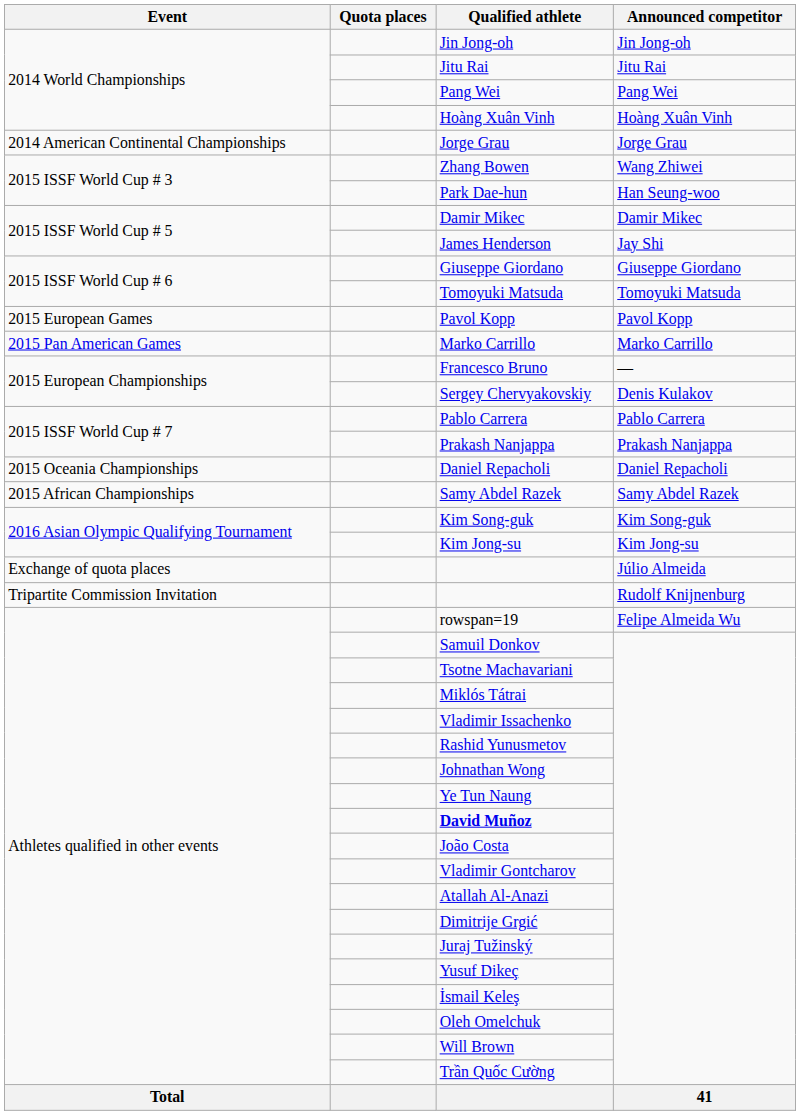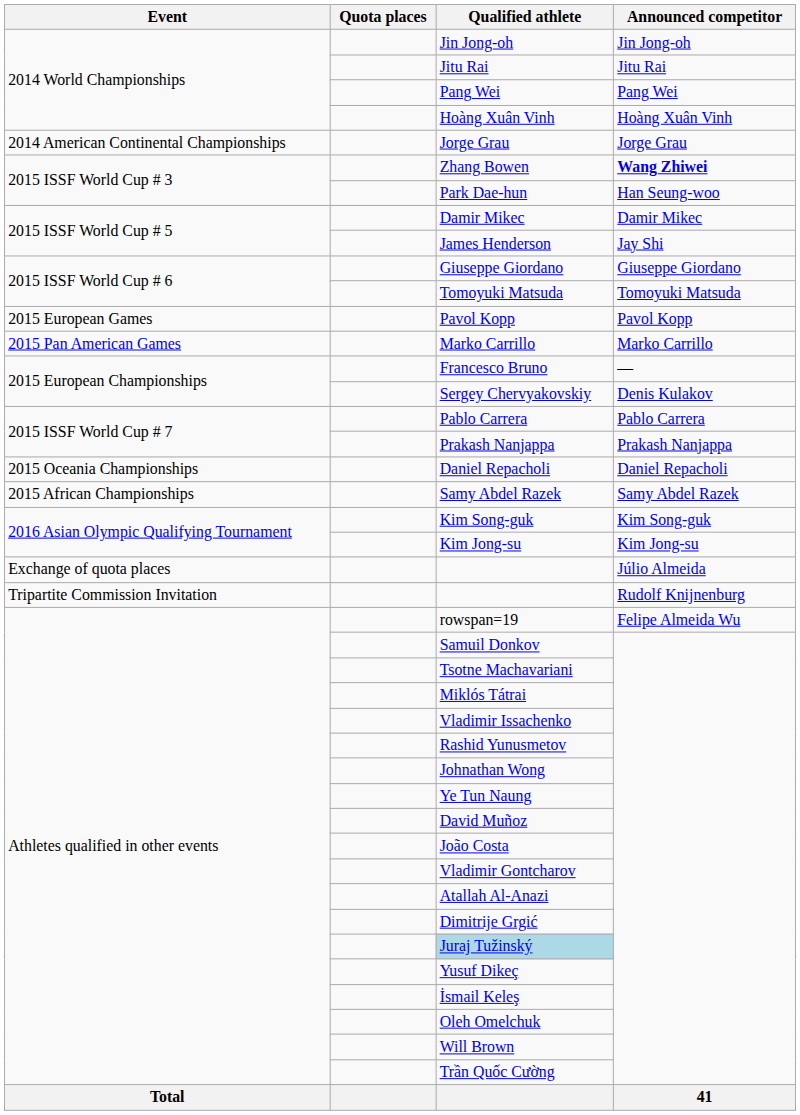 <table class=wikitable style="text-align:left" width=800>
 <tr>
 <th>Event</th>
 <th>Quota places</th>
 <th>Qualified athlete</th>
 <th>Announced competitor</th>
 </tr>
 <tr>
 <td rowspan="4">2014 World Championships</td>
 <td></td>
 <td><a href='#'>Jin Jong-oh</a></td>
 <td><a href='#'>Jin Jong-oh</a></td>
 </tr>
 <tr>
 <td></td>
 <td><a href='#'>Jitu Rai</a></td>
 <td><a href='#'>Jitu Rai</a></td>
 </tr>
 <tr>
 <td></td>
 <td><a href='#'>Pang Wei</a></td>
 <td><a href='#'>Pang Wei</a></td>
 </tr>
 <tr>
 <td></td>
 <td><a href='#'>Hoàng Xuân Vinh</a></td>
 <td><a href='#'>Hoàng Xuân Vinh</a></td>
 </tr>
 <tr>
 <td>2014 American Continental Championships</td>
 <td></td>
 <td><a href='#'>Jorge Grau</a></td>
 <td><a href='#'>Jorge Grau</a></td>
 </tr>
 <tr>
 <td rowspan="2">2015 ISSF World Cup # 3</td>
 <td></td>
 <td><a href='#'>Zhang Bowen</a></td>
-<td><a href='#'>Wang Zhiwei</a></td>
+<td><strong><a href='#'>Wang Zhiwei</a></strong></td>
 </tr>
 <tr>
 <td></td>
 <td><a href='#'>Park Dae-hun</a></td>
 <td><a href='#'>Han Seung-woo</a></td>
 </tr>
 <tr>
 <td rowspan="2">2015 ISSF World Cup # 5</td>
 <td></td>
 <td><a href='#'>Damir Mikec</a></td>
 <td><a href='#'>Damir Mikec</a></td>
 </tr>
 <tr>
 <td></td>
 <td><a href='#'>James Henderson</a></td>
 <td><a href='#'>Jay Shi</a></td>
 </tr>
 <tr>
 <td rowspan="2">2015 ISSF World Cup # 6</td>
 <td></td>
 <td><a href='#'>Giuseppe Giordano</a></td>
 <td><a href='#'>Giuseppe Giordano</a></td>
 </tr>
 <tr>
 <td></td>
 <td><a href='#'>Tomoyuki Matsuda</a></td>
 <td><a href='#'>Tomoyuki Matsuda</a></td>
 </tr>
 <tr>
 <td rowspan="1">2015 European Games</td>
 <td></td>
 <td><a href='#'>Pavol Kopp</a></td>
 <td><a href='#'>Pavol Kopp</a></td>
 </tr>
 <tr>
 <td rowspan="1"><a href='#'>2015 Pan American Games</a></td>
 <td></td>
 <td><a href='#'>Marko Carrillo</a></td>
 <td><a href='#'>Marko Carrillo</a></td>
 </tr>
 <tr>
 <td rowspan="2">2015 European Championships</td>
 <td></td>
 <td><a href='#'>Francesco Bruno</a></td>
 <td>—</td>
 </tr>
 <tr>
 <td></td>
 <td><a href='#'>Sergey Chervyakovskiy</a></td>
 <td><a href='#'>Denis Kulakov</a></td>
 </tr>
 <tr>
 <td rowspan="2">2015 ISSF World Cup # 7</td>
 <td></td>
 <td><a href='#'>Pablo Carrera</a></td>
 <td><a href='#'>Pablo Carrera</a></td>
 </tr>
 <tr>
 <td></td>
 <td><a href='#'>Prakash Nanjappa</a></td>
 <td><a href='#'>Prakash Nanjappa</a></td>
 </tr>
 <tr>
 <td rowspan="1">2015 Oceania Championships</td>
 <td></td>
 <td><a href='#'>Daniel Repacholi</a></td>
 <td><a href='#'>Daniel Repacholi</a></td>
 </tr>
 <tr>
 <td rowspan="1">2015 African Championships</td>
 <td></td>
 <td><a href='#'>Samy Abdel Razek</a></td>
 <td><a href='#'>Samy Abdel Razek</a></td>
 </tr>
 <tr>
 <td rowspan="2"><a href='#'>2016 Asian Olympic Qualifying Tournament</a></td>
 <td></td>
 <td><a href='#'>Kim Song-guk</a></td>
 <td><a href='#'>Kim Song-guk</a></td>
 </tr>
 <tr>
 <td></td>
 <td><a href='#'>Kim Jong-su</a></td>
 <td><a href='#'>Kim Jong-su</a></td>
 </tr>
 <tr>
 <td>Exchange of quota places</td>
 <td></td>
 <td></td>
 <td><a href='#'>Júlio Almeida</a></td>
 </tr>
 <tr>
 <td>Tripartite Commission Invitation</td>
 <td></td>
 <td></td>
 <td><a href='#'>Rudolf Knijnenburg</a></td>
 </tr>
 <tr>
 <td rowspan=19>Athletes qualified in other events</td>
 <td></td>
 <td>rowspan=19 </td>
 <td><a href='#'>Felipe Almeida Wu</a></td>
 </tr>
 <tr>
 <td></td>
 <td><a href='#'>Samuil Donkov</a></td>
 </tr>
 <tr>
 <td></td>
 <td><a href='#'>Tsotne Machavariani</a></td>
 </tr>
 <tr>
 <td></td>
 <td><a href='#'>Miklós Tátrai</a></td>
 </tr>
 <tr>
 <td></td>
 <td><a href='#'>Vladimir Issachenko</a></td>
 </tr>
 <tr>
 <td></td>
 <td><a href='#'>Rashid Yunusmetov</a></td>
 </tr>
 <tr>
 <td></td>
 <td><a href='#'>Johnathan Wong</a></td>
 </tr>
 <tr>
 <td></td>
 <td><a href='#'>Ye Tun Naung</a></td>
 </tr>
 <tr>
 <td></td>
-<td><strong><a href='#'>David Muñoz</a></strong></td>
+<td><a href='#'>David Muñoz</a></td>
 </tr>
 <tr>
 <td></td>
 <td><a href='#'>João Costa</a></td>
 </tr>
 <tr>
 <td></td>
 <td><a href='#'>Vladimir Gontcharov</a></td>
 </tr>
 <tr>
 <td></td>
 <td><a href='#'>Atallah Al-Anazi</a></td>
 </tr>
 <tr>
 <td></td>
 <td><a href='#'>Dimitrije Grgić</a></td>
 </tr>
 <tr>
 <td></td>
-<td><a href='#'>Juraj Tužinský</a></td>
+<td style="background: lightblue;"><a href='#'>Juraj Tužinský</a></td>
 </tr>
 <tr>
 <td></td>
 <td><a href='#'>Yusuf Dikeç</a></td>
 </tr>
 <tr>
 <td></td>
 <td><a href='#'>İsmail Keleş</a></td>
 </tr>
 <tr>
 <td></td>
 <td><a href='#'>Oleh Omelchuk</a></td>
 </tr>
 <tr>
 <td></td>
 <td><a href='#'>Will Brown</a></td>
 </tr>
 <tr>
 <td></td>
 <td><a href='#'>Trần Quốc Cường</a></td>
 </tr>
 <tr>
 <th>Total</th>
 <th></th>
 <th></th>
 <th>41</th>
 </tr>
 </table>
